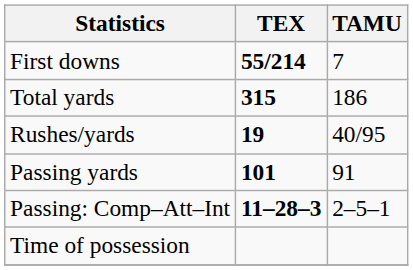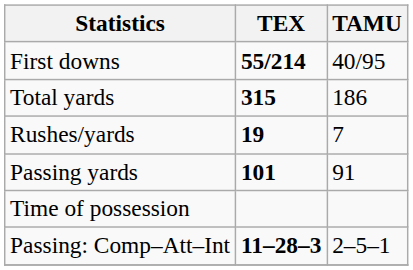 <table class="wikitable" style="float: left;">
 <tr>
 <th>Statistics</th>
 <th>TEX</th>
 <th>TAMU</th>
 </tr>
 <tr>
 <td>First downs</td>
 <td><strong>55/214</strong></td>
-<td>7</td>
+<td>40/95</td>
 </tr>
 <tr>
 <td>Total yards</td>
 <td><strong>315</strong></td>
 <td>186</td>
 </tr>
 <tr>
 <td>Rushes/yards</td>
 <td><strong>19</strong></td>
-<td>40/95</td>
+<td>7</td>
 </tr>
 <tr>
 <td>Passing yards</td>
 <td><strong>101</strong></td>
 <td>91</td>
 </tr>
 <tr>
+<td>Time of possession</td>
+<td></td>
+<td></td>
+</tr>
+<tr>
 <td>Passing: Comp–Att–Int</td>
 <td><strong>11–28–3</strong></td>
 <td>2–5–1</td>
 </tr>
 <tr>
-<td>Time of possession</td>
-<td></td>
-<td></td>
-</tr>
-<tr>
 </tr>
 </table>
